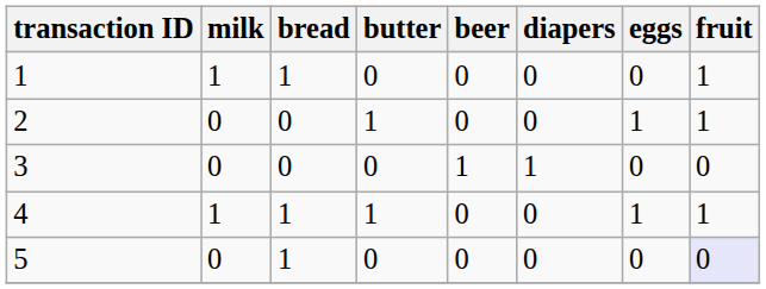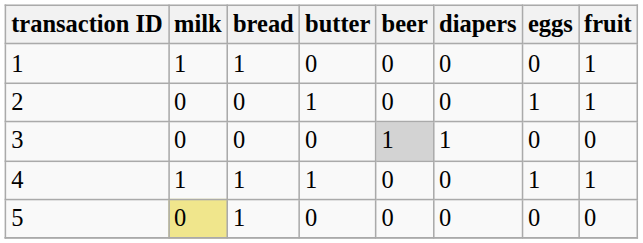 <table class="wikitable" style="float: right; margin-left: 1em;">
 <tr>
 <th>transaction ID</th>
 <th>milk</th>
 <th>bread</th>
 <th>butter</th>
 <th>beer</th>
 <th>diapers</th>
 <th>eggs</th>
 <th>fruit</th>
 </tr>
 <tr>
 <td>1</td>
 <td>1</td>
 <td>1</td>
 <td>0</td>
 <td>0</td>
 <td>0</td>
 <td>0</td>
 <td>1</td>
 </tr>
 <tr>
 <td>2</td>
 <td>0</td>
 <td>0</td>
 <td>1</td>
 <td>0</td>
 <td>0</td>
 <td>1</td>
 <td>1</td>
 </tr>
 <tr>
 <td>3</td>
 <td>0</td>
 <td>0</td>
 <td>0</td>
-<td>1</td>
+<td style="background: lightgrey;">1</td>
 <td>1</td>
 <td>0</td>
 <td>0</td>
 </tr>
 <tr>
 <td>4</td>
 <td>1</td>
 <td>1</td>
 <td>1</td>
 <td>0</td>
 <td>0</td>
 <td>1</td>
 <td>1</td>
 </tr>
 <tr>
 <td>5</td>
-<td>0</td>
+<td style="background: khaki;">0</td>
 <td>1</td>
 <td>0</td>
 <td>0</td>
 <td>0</td>
 <td>0</td>
-<td style="background: lavender;">0</td>
+<td>0</td>
 </tr>
 <tr>
 </tr>
 </table>
